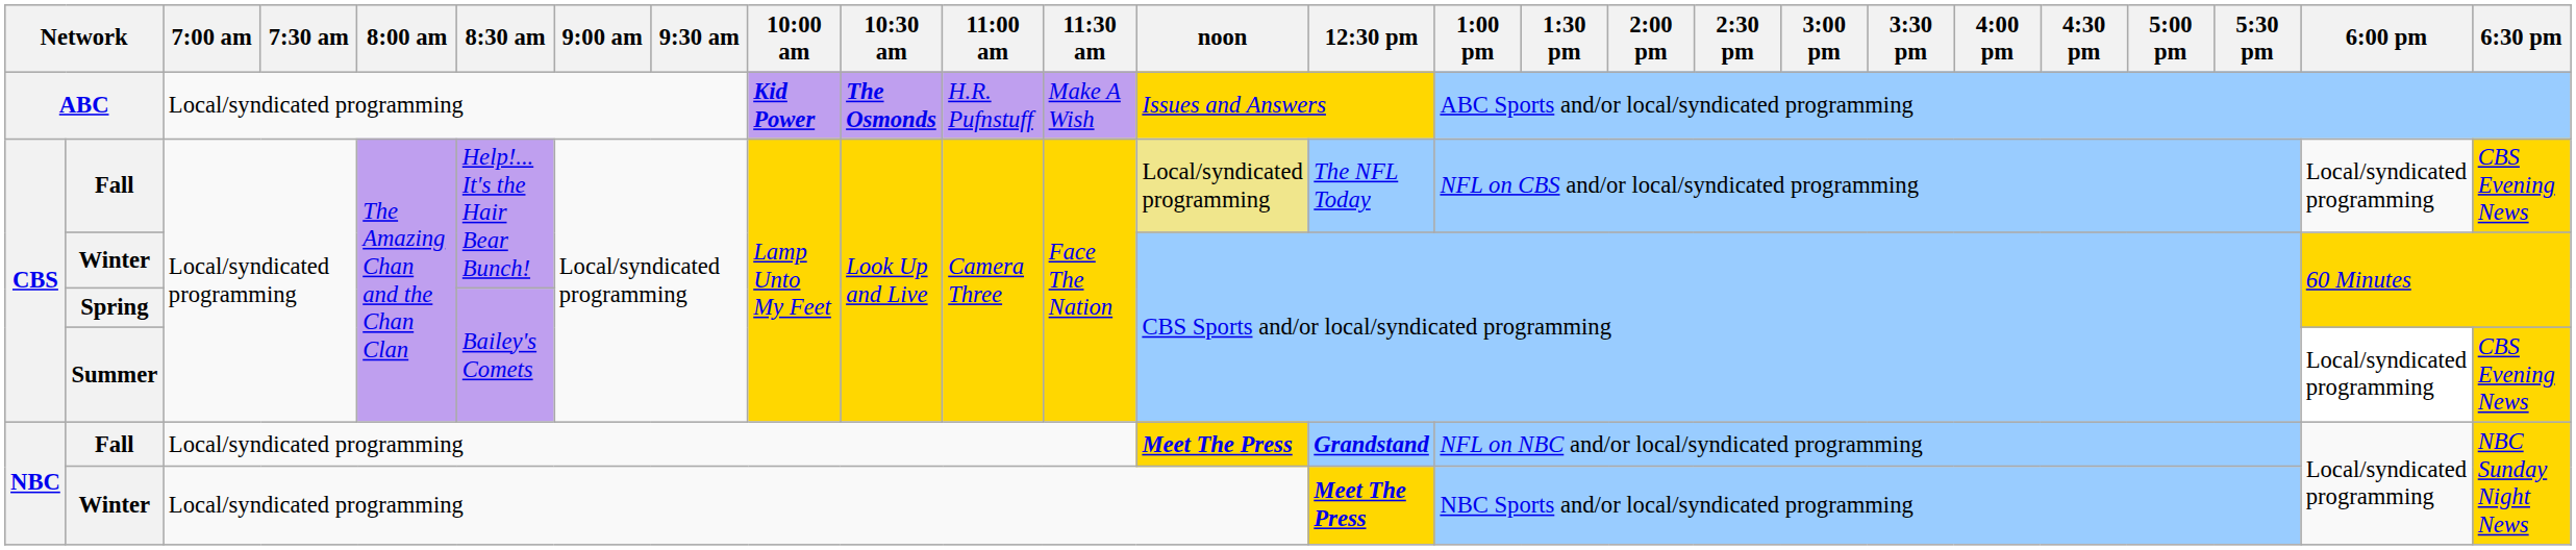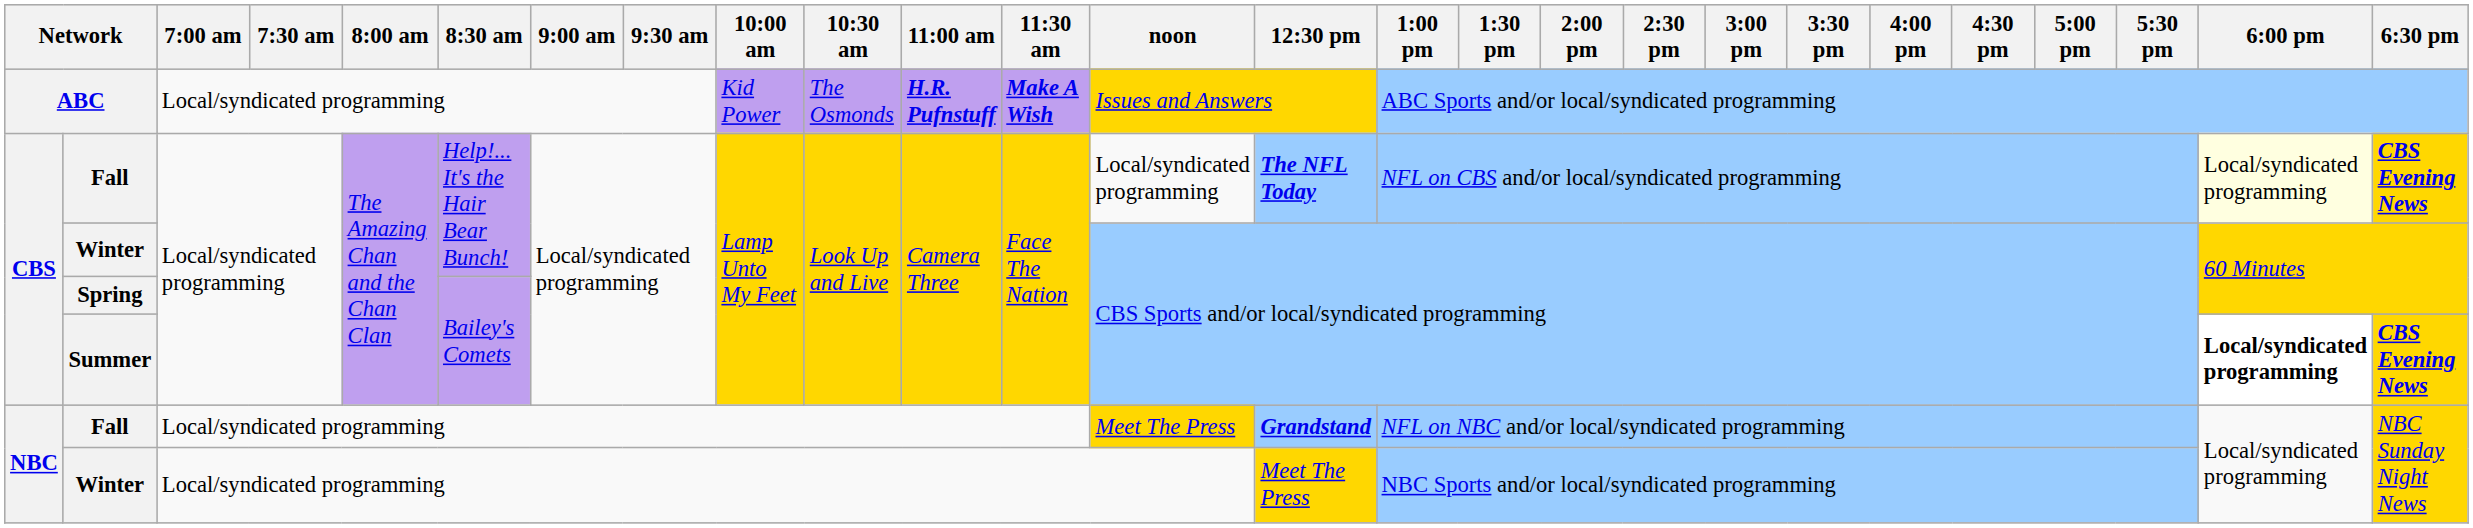 <table class=wikitable style="font-size:90%">
 <tr>
 <th width="1.5%" bgcolor="#C0C0C0" colspan="2">Network</th>
 <th width="4%" bgcolor="#C0C0C0">7:00 am</th>
 <th width="4%" bgcolor="#C0C0C0">7:30 am</th>
 <th width="4%" bgcolor="#C0C0C0">8:00 am</th>
 <th width="4%" bgcolor="#C0C0C0">8:30 am</th>
 <th width="4%" bgcolor="#C0C0C0">9:00 am</th>
 <th width="4%" bgcolor="#C0C0C0">9:30 am</th>
 <th width="4%" bgcolor="#C0C0C0">10:00 am</th>
 <th width="4%" bgcolor="#C0C0C0">10:30 am</th>
 <th width="4%" bgcolor="#C0C0C0">11:00 am</th>
 <th width="4%" bgcolor="#C0C0C0">11:30 am</th>
 <th width="4%" bgcolor="#C0C0C0">noon</th>
 <th width="4%" bgcolor="#C0C0C0">12:30 pm</th>
 <th width="4%" bgcolor="#C0C0C0">1:00 pm</th>
 <th width="4%" bgcolor="#C0C0C0">1:30 pm</th>
 <th width="4%" bgcolor="#C0C0C0">2:00 pm</th>
 <th width="4%" bgcolor="#C0C0C0">2:30 pm</th>
 <th width="4%" bgcolor="#C0C0C0">3:00 pm</th>
 <th width="4%" bgcolor="#C0C0C0">3:30 pm</th>
 <th width="4%" bgcolor="#C0C0C0">4:00 pm</th>
 <th width="4%" bgcolor="#C0C0C0">4:30 pm</th>
 <th width="4%" bgcolor="#C0C0C0">5:00 pm</th>
 <th width="4%" bgcolor="#C0C0C0">5:30 pm</th>
 <th width="4%" bgcolor="#C0C0C0">6:00 pm</th>
 <th width="4%" bgcolor="#C0C0C0">6:30 pm</th>
 </tr>
 <tr>
 <th colspan="2" bgcolor="#C0C0C0"><a href='#'>ABC</a></th>
 <td colspan="6">Local/syndicated programming</td>
-<td bgcolor="bf9fef"><strong><em><a href='#'>Kid Power</a></em> </strong></td>
-<td bgcolor="bf9fef"><strong><em><a href='#'>The Osmonds</a></em> </strong></td>
-<td bgcolor="bf9fef"><em><a href='#'>H.R. Pufnstuff</a></em> </td>
-<td bgcolor="bf9fef"><em><a href='#'>Make A Wish</a></em></td>
+<td bgcolor="bf9fef"><em><a href='#'>Kid Power</a></em> </td>
+<td bgcolor="bf9fef"><em><a href='#'>The Osmonds</a></em> </td>
+<td bgcolor="bf9fef"><strong><em><a href='#'>H.R. Pufnstuff</a></em> </strong></td>
+<td bgcolor="bf9fef"><strong><em><a href='#'>Make A Wish</a></em></strong></td>
 <td colspan="2" bgcolor="gold"><em><a href='#'>Issues and Answers</a></em></td>
 <td colspan="12" bgcolor="99ccff"><a href='#'>ABC Sports</a> and/or local/syndicated programming</td>
 </tr>
 <tr>
 <th rowspan="4" bgcolor="#C0C0C0"><a href='#'>CBS</a></th>
 <th>Fall</th>
 <td colspan="2" rowspan="4">Local/syndicated programming</td>
 <td rowspan="4" bgcolor="bf9fef"><em><a href='#'>The Amazing Chan and the Chan Clan</a></em> </td>
 <td rowspan="2" bgcolor="bf9fef"><em><a href='#'>Help!... It's the Hair Bear Bunch!</a></em> </td>
 <td colspan="2" rowspan="4">Local/syndicated programming</td>
 <td rowspan="4" bgcolor="gold"><em><a href='#'>Lamp Unto My Feet</a></em></td>
 <td rowspan="4" bgcolor="gold"><em><a href='#'>Look Up and Live</a></em></td>
 <td rowspan="4" bgcolor="gold"><em><a href='#'>Camera Three</a></em></td>
 <td rowspan="4" bgcolor="gold"><em><a href='#'>Face The Nation</a></em></td>
-<td style="background: khaki;">Local/syndicated programming</td>
-<td bgcolor="99ccff"><em><a href='#'>The NFL Today</a></em></td>
+<td>Local/syndicated programming</td>
+<td bgcolor="99ccff"><strong><em><a href='#'>The NFL Today</a></em></strong></td>
 <td colspan="10" bgcolor="99ccff"><em><a href='#'>NFL on CBS</a></em> and/or local/syndicated programming</td>
-<td rowspan="1">Local/syndicated programming</td>
-<td rowspan="1" bgcolor="gold"><em><a href='#'>CBS Evening News</a></em></td>
+<td rowspan="1" style="background: lightyellow;">Local/syndicated programming</td>
+<td rowspan="1" bgcolor="gold"><strong><em><a href='#'>CBS Evening News</a></em></strong></td>
 </tr>
 <tr>
 <th>Winter</th>
 <td colspan="12" rowspan=3 bgcolor="99ccff"><a href='#'>CBS Sports</a> and/or local/syndicated programming</td>
 <td bgcolor=gold colspan=2 rowspan=2><em><a href='#'>60 Minutes</a></em></td>
 </tr>
 <tr>
 <th>Spring</th>
 <td bgcolor="bf9fef" rowspan=2><em><a href='#'>Bailey's Comets</a></em></td>
 </tr>
 <tr>
 <th>Summer</th>
-<td bgcolor=white>Local/syndicated programming</td>
-<td bgcolor=gold><em><a href='#'>CBS Evening News</a></em></td>
+<td bgcolor=white><strong>Local/syndicated programming</strong></td>
+<td bgcolor=gold><strong><em><a href='#'>CBS Evening News</a></em></strong></td>
 </tr>
 <tr>
 <th rowspan="2"><a href='#'>NBC</a></th>
 <th>Fall</th>
 <td colspan="10">Local/syndicated programming</td>
-<td bgcolor="gold"><strong><em><a href='#'>Meet The Press</a></em></strong></td>
+<td bgcolor="gold"><em><a href='#'>Meet The Press</a></em></td>
 <td bgcolor="99ccff"><strong><em><a href='#'>Grandstand</a></em></strong></td>
 <td colspan="10" bgcolor="99ccff"><em><a href='#'>NFL on NBC</a></em> and/or local/syndicated programming</td>
 <td rowspan="2">Local/syndicated programming</td>
 <td rowspan="2" bgcolor="gold"><em><a href='#'>NBC Sunday Night News</a></em></td>
 </tr>
 <tr>
 <th>Winter</th>
 <td colspan="11">Local/syndicated programming</td>
-<td bgcolor="gold"><strong><em><a href='#'>Meet The Press</a></em></strong></td>
+<td bgcolor="gold"><em><a href='#'>Meet The Press</a></em></td>
 <td colspan="10" bgcolor="99ccff"><a href='#'>NBC Sports</a> and/or local/syndicated programming</td>
 </tr>
 </table>
